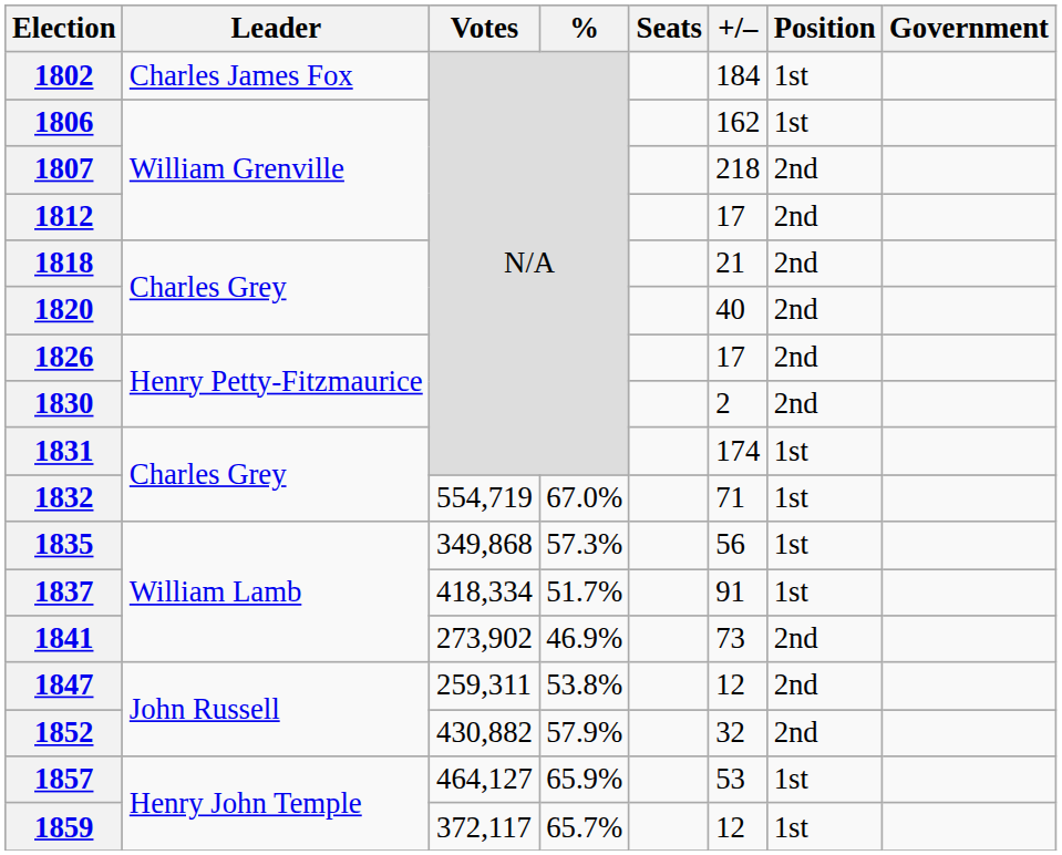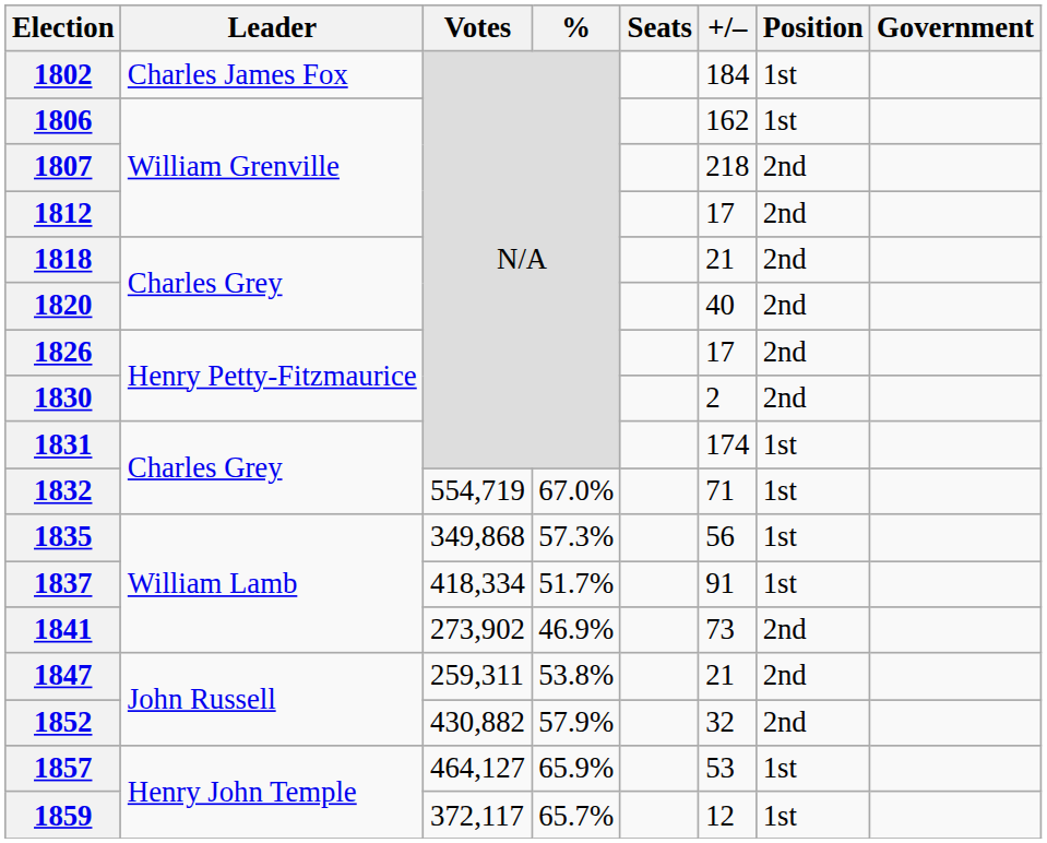 <table class=wikitable style="text-align:">
 <tr>
 <th>Election</th>
 <th>Leader</th>
 <th>Votes</th>
 <th>%</th>
 <th>Seats</th>
 <th>+/–</th>
 <th>Position</th>
 <th>Government</th>
 </tr>
 <tr>
 <th><a href='#'>1802</a></th>
 <td><a href='#'>Charles James Fox</a></td>
 <td colspan=2 rowspan=9 bgcolor=#DDDDDD style="text-align:center;">N/A</td>
 <td></td>
 <td> 184</td>
 <td> 1st</td>
 <td></td>
 </tr>
 <tr>
 <th><a href='#'>1806</a></th>
 <td rowspan="3"><a href='#'>William Grenville</a></td>
 <td></td>
 <td> 162</td>
 <td> 1st</td>
 <td></td>
 </tr>
 <tr>
 <th><a href='#'>1807</a></th>
 <td></td>
 <td> 218</td>
 <td> 2nd</td>
 <td></td>
 </tr>
 <tr>
 <th><a href='#'>1812</a></th>
 <td></td>
 <td> 17</td>
 <td> 2nd</td>
 <td></td>
 </tr>
 <tr>
 <th><a href='#'>1818</a></th>
 <td rowspan="2"><a href='#'>Charles Grey</a></td>
 <td></td>
 <td> 21</td>
 <td> 2nd</td>
 <td></td>
 </tr>
 <tr>
 <th><a href='#'>1820</a></th>
 <td></td>
 <td> 40</td>
 <td> 2nd</td>
 <td></td>
 </tr>
 <tr>
 <th><a href='#'>1826</a></th>
 <td rowspan="2"><a href='#'>Henry Petty-Fitzmaurice</a></td>
 <td></td>
 <td> 17</td>
 <td> 2nd</td>
 <td></td>
 </tr>
 <tr>
 <th><a href='#'>1830</a></th>
 <td></td>
 <td> 2</td>
 <td> 2nd</td>
 <td></td>
 </tr>
 <tr>
 <th><a href='#'>1831</a></th>
 <td rowspan="2"><a href='#'>Charles Grey</a></td>
 <td></td>
 <td> 174</td>
 <td> 1st</td>
 <td></td>
 </tr>
 <tr>
 <th><a href='#'>1832</a></th>
 <td>554,719</td>
 <td>67.0%</td>
 <td></td>
 <td> 71</td>
 <td> 1st</td>
 <td></td>
 </tr>
 <tr>
 <th><a href='#'>1835</a></th>
 <td rowspan="3"><a href='#'>William Lamb</a></td>
 <td>349,868</td>
 <td>57.3%</td>
 <td></td>
 <td> 56</td>
 <td> 1st</td>
 <td></td>
 </tr>
 <tr>
 <th><a href='#'>1837</a></th>
 <td>418,334</td>
 <td>51.7%</td>
 <td></td>
 <td> 91</td>
 <td> 1st</td>
 <td></td>
 </tr>
 <tr>
 <th><a href='#'>1841</a></th>
 <td>273,902</td>
 <td>46.9%</td>
 <td></td>
 <td> 73</td>
 <td> 2nd</td>
 <td></td>
 </tr>
 <tr>
 <th><a href='#'>1847</a></th>
 <td rowspan="2"><a href='#'>John Russell</a></td>
 <td>259,311</td>
 <td>53.8%</td>
 <td></td>
-<td> 12</td>
+<td> 21</td>
 <td> 2nd</td>
 <td></td>
 </tr>
 <tr>
 <th><a href='#'>1852</a></th>
 <td>430,882</td>
 <td>57.9%</td>
 <td></td>
 <td> 32</td>
 <td> 2nd</td>
 <td></td>
 </tr>
 <tr>
 <th><a href='#'>1857</a></th>
 <td rowspan="2"><a href='#'>Henry John Temple</a></td>
 <td>464,127</td>
 <td>65.9%</td>
 <td></td>
 <td> 53</td>
 <td> 1st</td>
 <td></td>
 </tr>
 <tr>
 <th><a href='#'>1859</a></th>
 <td>372,117</td>
 <td>65.7%</td>
 <td></td>
 <td> 12</td>
 <td> 1st</td>
 <td></td>
 </tr>
 </table>
